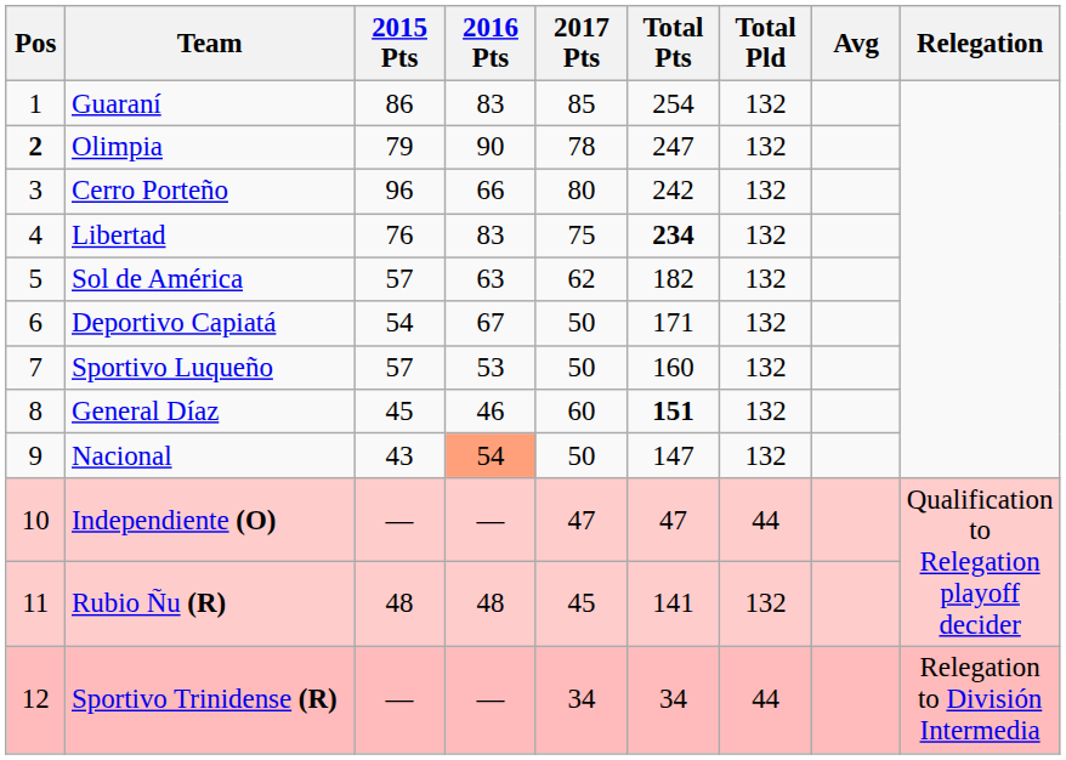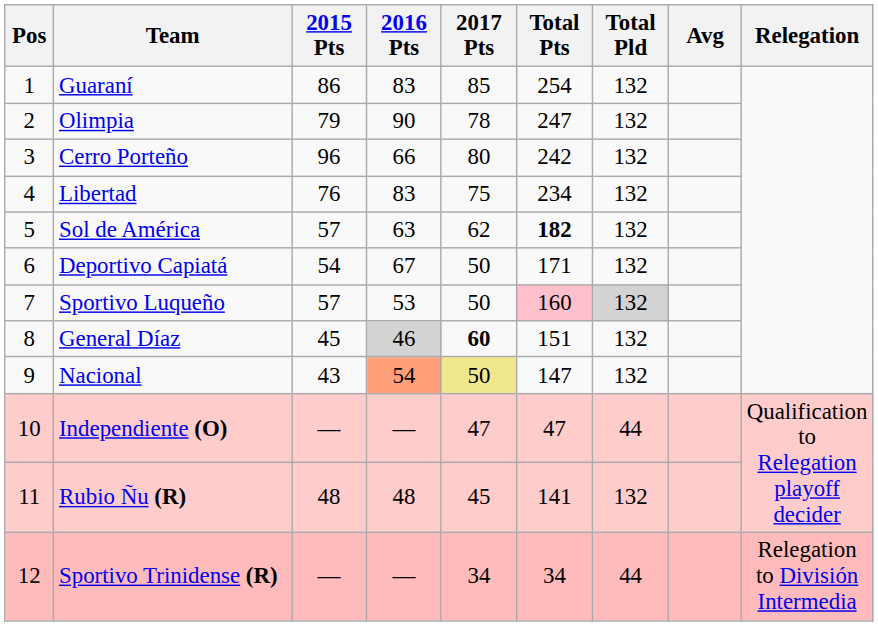 <table class="wikitable" style="text-align:center">
 <tr>
 <th width=28>Pos<br></th>
 <th width=185>Team<br></th>
 <th width=50><a href='#'>2015</a><br>Pts</th>
 <th width=50><a href='#'>2016</a><br>Pts</th>
 <th width=50>2017<br>Pts</th>
 <th width=50>Total<br>Pts</th>
 <th width=50>Total<br>Pld</th>
 <th width=50>Avg</th>
 <th>Relegation</th>
 </tr>
 <tr>
 <td>1</td>
 <td align="left"><a href='#'>Guaraní</a></td>
 <td>86</td>
 <td>83</td>
 <td>85</td>
 <td>254</td>
 <td>132</td>
 <td><strong></strong></td>
 </tr>
 <tr>
-<td><strong>2</strong></td>
+<td>2</td>
 <td align="left"><a href='#'>Olimpia</a></td>
 <td>79</td>
 <td>90</td>
 <td>78</td>
 <td>247</td>
 <td>132</td>
 <td><strong></strong></td>
 </tr>
 <tr>
 <td>3</td>
 <td align="left"><a href='#'>Cerro Porteño</a></td>
 <td>96</td>
 <td>66</td>
 <td>80</td>
 <td>242</td>
 <td>132</td>
 <td><strong></strong></td>
 </tr>
 <tr>
 <td>4</td>
 <td align="left"><a href='#'>Libertad</a></td>
 <td>76</td>
 <td>83</td>
 <td>75</td>
-<td><strong>234</strong></td>
+<td>234</td>
 <td>132</td>
 <td><strong></strong></td>
 </tr>
 <tr>
 <td>5</td>
 <td align="left"><a href='#'>Sol de América</a></td>
 <td>57</td>
 <td>63</td>
 <td>62</td>
-<td>182</td>
+<td><strong>182</strong></td>
 <td>132</td>
 <td><strong></strong></td>
 </tr>
 <tr>
 <td>6</td>
 <td align="left"><a href='#'>Deportivo Capiatá</a></td>
 <td>54</td>
 <td>67</td>
 <td>50</td>
 <td>171</td>
 <td>132</td>
 <td><strong></strong></td>
 </tr>
 <tr>
 <td>7</td>
 <td align="left"><a href='#'>Sportivo Luqueño</a></td>
 <td>57</td>
 <td>53</td>
 <td>50</td>
-<td>160</td>
-<td>132</td>
+<td style="background: pink;">160</td>
+<td style="background: lightgrey;">132</td>
 <td><strong></strong></td>
 </tr>
 <tr>
 <td>8</td>
 <td align="left"><a href='#'>General Díaz</a></td>
 <td>45</td>
-<td>46</td>
-<td>60</td>
-<td><strong>151</strong></td>
+<td style="background: lightgrey;">46</td>
+<td><strong>60</strong></td>
+<td>151</td>
 <td>132</td>
 <td><strong></strong></td>
 </tr>
 <tr>
 <td>9</td>
 <td align="left"><a href='#'>Nacional</a></td>
 <td>43</td>
 <td style="background: lightsalmon;">54</td>
-<td>50</td>
+<td style="background: khaki;">50</td>
 <td>147</td>
 <td>132</td>
 <td><strong></strong></td>
 </tr>
 <tr bgcolor=#FFCCCC>
 <td>10</td>
 <td align="left"><a href='#'>Independiente</a> <strong>(O)</strong></td>
 <td>—</td>
 <td>—</td>
 <td>47</td>
 <td>47</td>
 <td>44</td>
 <td><strong></strong></td>
 <td rowspan=2>Qualification to <a href='#'>Relegation playoff decider</a></td>
 </tr>
 <tr bgcolor=#FFCCCC>
 <td>11</td>
 <td align="left"><a href='#'>Rubio Ñu</a> <strong>(R)</strong></td>
 <td>48</td>
 <td>48</td>
 <td>45</td>
 <td>141</td>
 <td>132</td>
 <td><strong></strong></td>
 </tr>
 <tr bgcolor=#FFBBBB>
 <td>12</td>
 <td align="left"><a href='#'>Sportivo Trinidense</a> <strong>(R)</strong></td>
 <td>—</td>
 <td>—</td>
 <td>34</td>
 <td>34</td>
 <td>44</td>
 <td><strong></strong></td>
 <td>Relegation to <a href='#'>División Intermedia</a></td>
 </tr>
 </table>
